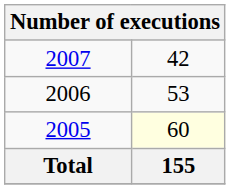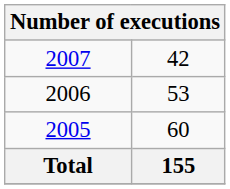 <table class="wikitable" style="text-align:center;">
 <tr>
 <th colspan="2">Number of executions</th>
 </tr>
 <tr>
 <td><a href='#'>2007</a></td>
 <td>42</td>
 </tr>
 <tr>
 <td>2006</td>
 <td>53</td>
 </tr>
 <tr>
 <td><a href='#'>2005</a></td>
-<td style="background: lightyellow;">60</td>
+<td>60</td>
 </tr>
 <tr>
 <th>Total</th>
 <th>155</th>
 </tr>
 <tr>
 </tr>
 </table>
